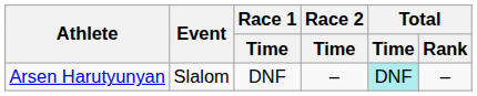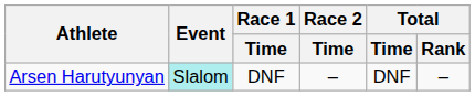 <table class="wikitable" style="font-size:90%">
 <tr>
 <th rowspan="2">Athlete</th>
 <th rowspan="2">Event</th>
 <th>Race 1</th>
 <th>Race 2</th>
 <th colspan="2">Total</th>
 </tr>
 <tr>
 <th>Time</th>
 <th>Time</th>
 <th>Time</th>
 <th>Rank</th>
 </tr>
 <tr>
 <td><a href='#'>Arsen Harutyunyan</a></td>
-<td>Slalom</td>
+<td style="background: paleturquoise;">Slalom</td>
 <td align="center">DNF</td>
 <td align="center">–</td>
-<td align="center" style="background: paleturquoise;">DNF</td>
+<td align="center">DNF</td>
 <td align="center">–</td>
 </tr>
 </table>
